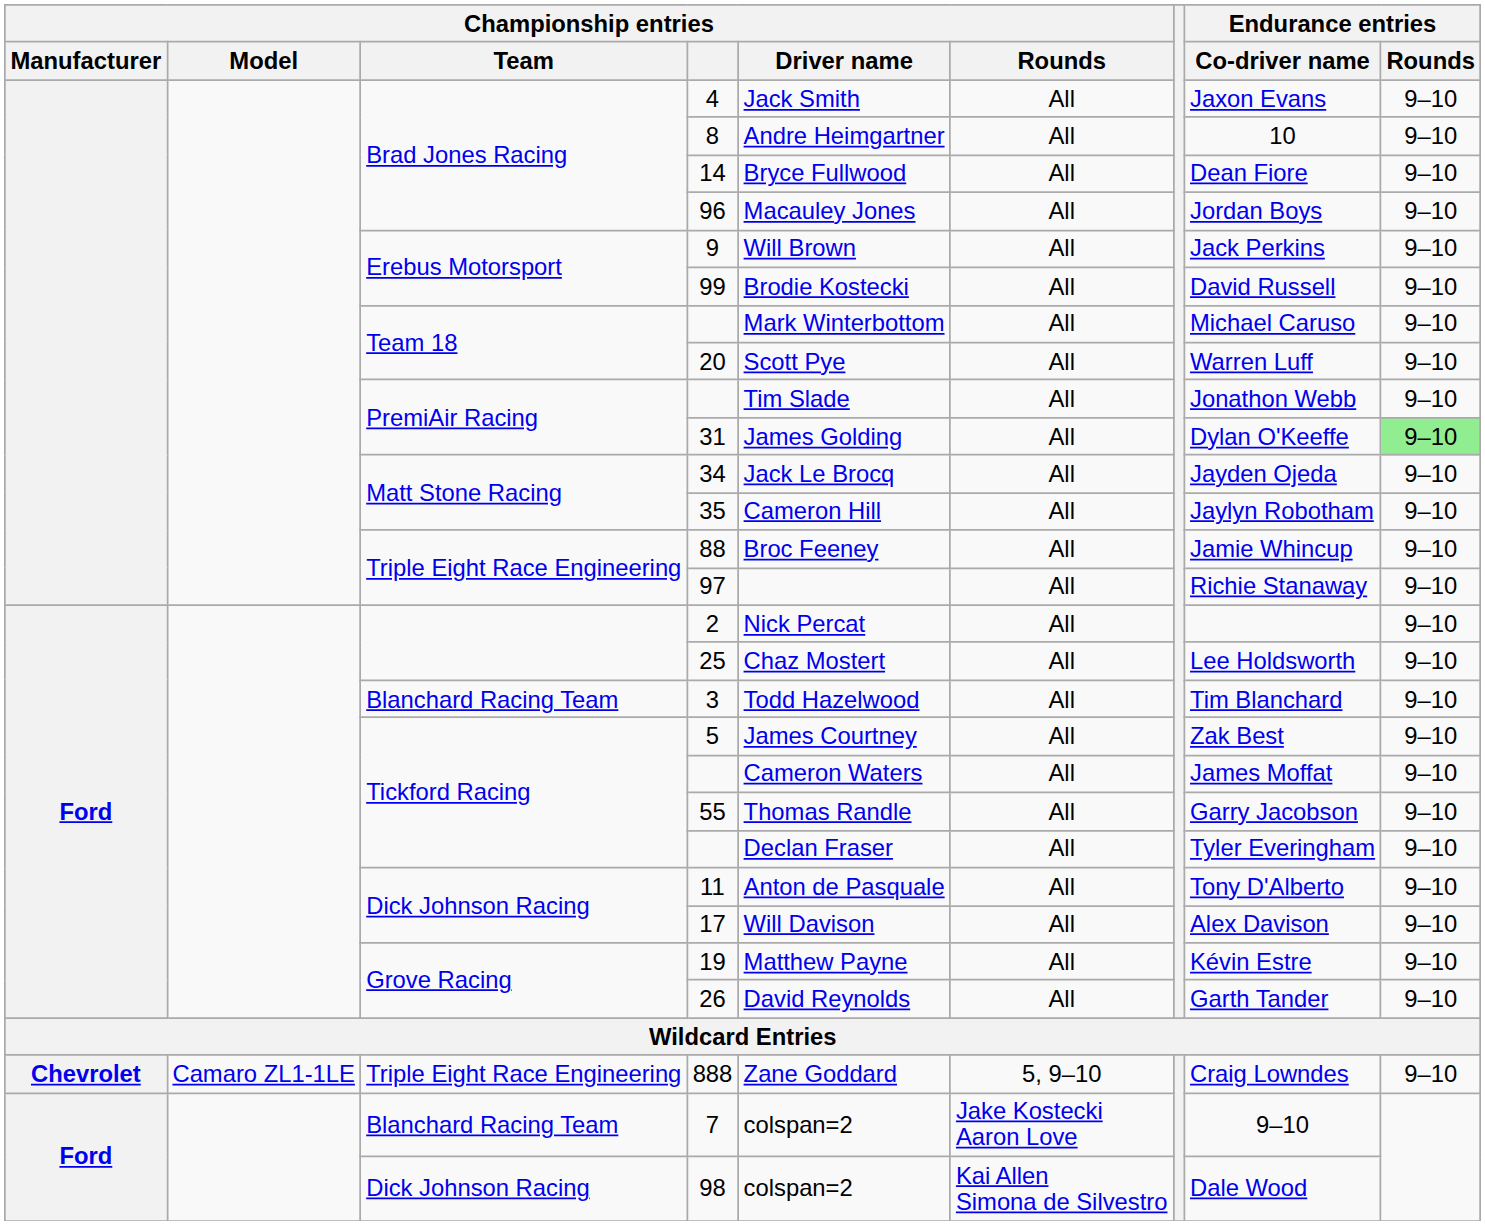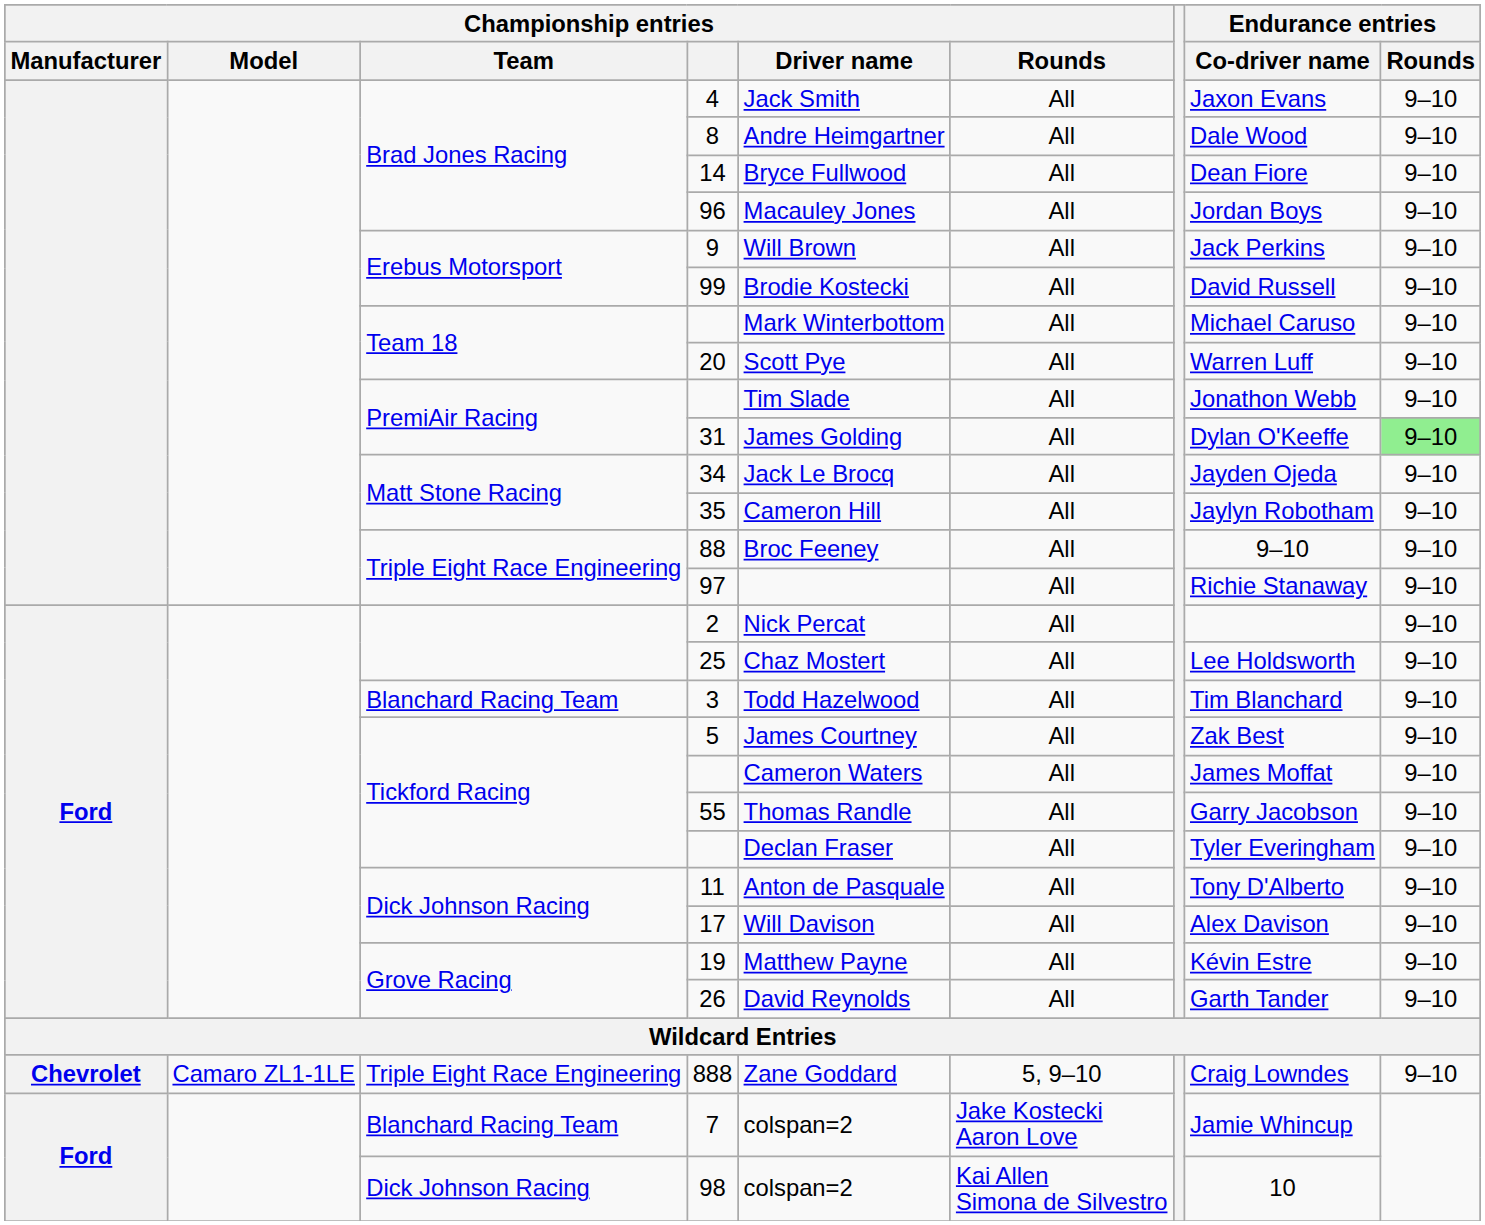 <table class="wikitable" style="font-size:85%;">
 <tr>
 <th colspan="6">Championship entries</th>
 <th rowspan="27"></th>
 <th colspan="2">Endurance entries</th>
 </tr>
 <tr>
 <th>Manufacturer</th>
 <th>Model</th>
 <th>Team</th>
 <th></th>
 <th>Driver name</th>
 <th>Rounds</th>
 <th>Co-driver name</th>
 <th>Rounds</th>
 </tr>
 <tr>
 <th rowspan="14"></th>
 <td rowspan="14"></td>
 <td rowspan="4"><a href='#'>Brad Jones Racing</a></td>
 <td align="center" id="4">4</td>
 <td> <a href='#'>Jack Smith</a></td>
 <td align="center">All</td>
 <td> <a href='#'>Jaxon Evans</a></td>
 <td align="center">9–10</td>
 </tr>
 <tr>
 <td align="center" id="8">8</td>
 <td> <a href='#'>Andre Heimgartner</a></td>
 <td align="center">All</td>
-<td align="center">10</td>
+<td> <a href='#'>Dale Wood</a></td>
 <td align="center">9–10</td>
 </tr>
 <tr>
 <td align="center" id="14">14</td>
 <td> <a href='#'>Bryce Fullwood</a></td>
 <td align="center">All</td>
 <td> <a href='#'>Dean Fiore</a></td>
 <td align="center">9–10</td>
 </tr>
 <tr>
 <td align="center" id="96">96</td>
 <td> <a href='#'>Macauley Jones</a></td>
 <td align="center">All</td>
 <td> <a href='#'>Jordan Boys</a></td>
 <td align="center">9–10</td>
 </tr>
 <tr>
 <td rowspan="2"><a href='#'>Erebus Motorsport</a></td>
 <td align="center" id="9">9</td>
 <td> <a href='#'>Will Brown</a></td>
 <td align="center">All</td>
 <td> <a href='#'>Jack Perkins</a></td>
 <td align="center">9–10</td>
 </tr>
 <tr>
 <td align="center" id="99">99</td>
 <td> <a href='#'>Brodie Kostecki</a></td>
 <td align="center">All</td>
 <td> <a href='#'>David Russell</a></td>
 <td align="center">9–10</td>
 </tr>
 <tr>
 <td rowspan="2"><a href='#'>Team 18</a></td>
 <td align="center" id="18"></td>
 <td> <a href='#'>Mark Winterbottom</a></td>
 <td align="center">All</td>
 <td> <a href='#'>Michael Caruso</a></td>
 <td align="center">9–10</td>
 </tr>
 <tr>
 <td align="center" id="20">20</td>
 <td> <a href='#'>Scott Pye</a></td>
 <td align="center">All</td>
 <td> <a href='#'>Warren Luff</a></td>
 <td align="center">9–10</td>
 </tr>
 <tr>
 <td rowspan="2"><a href='#'>PremiAir Racing</a></td>
 <td align="center" id="23"></td>
 <td> <a href='#'>Tim Slade</a></td>
 <td align="center">All</td>
 <td> <a href='#'>Jonathon Webb</a></td>
 <td align="center">9–10</td>
 </tr>
 <tr>
 <td align="center" id="31">31</td>
 <td> <a href='#'>James Golding</a></td>
 <td align="center">All</td>
 <td> <a href='#'>Dylan O'Keeffe</a></td>
 <td align="center" style="background: lightgreen;">9–10</td>
 </tr>
 <tr>
 <td rowspan="2"><a href='#'>Matt Stone Racing</a></td>
 <td align="center" id="34">34</td>
 <td> <a href='#'>Jack Le Brocq</a></td>
 <td align="center">All</td>
 <td> <a href='#'>Jayden Ojeda</a></td>
 <td align="center">9–10</td>
 </tr>
 <tr>
 <td align="center" id="35">35</td>
 <td> <a href='#'>Cameron Hill</a></td>
 <td align="center">All</td>
 <td> <a href='#'>Jaylyn Robotham</a></td>
 <td align="center">9–10</td>
 </tr>
 <tr>
 <td rowspan="2"><a href='#'>Triple Eight Race Engineering</a></td>
 <td align="center" id="88">88</td>
 <td> <a href='#'>Broc Feeney</a></td>
 <td align="center">All</td>
-<td> <a href='#'>Jamie Whincup</a></td>
+<td align="center">9–10</td>
 <td align="center">9–10</td>
 </tr>
 <tr>
 <td align="center" id="97">97</td>
 <td></td>
 <td align="center">All</td>
 <td> <a href='#'>Richie Stanaway</a></td>
 <td align="center">9–10</td>
 </tr>
 <tr>
 <th rowspan="11"><a href='#'>Ford</a></th>
 <td rowspan="11"></td>
 <td rowspan="2"></td>
 <td align="center" id="2">2</td>
 <td> <a href='#'>Nick Percat</a></td>
 <td align="center">All</td>
 <td></td>
 <td align="center">9–10</td>
 </tr>
 <tr>
 <td align="center" id="25">25</td>
 <td> <a href='#'>Chaz Mostert</a></td>
 <td align="center">All</td>
 <td> <a href='#'>Lee Holdsworth</a></td>
 <td align="center">9–10</td>
 </tr>
 <tr>
 <td><a href='#'>Blanchard Racing Team</a></td>
 <td align="center" id="3">3</td>
 <td> <a href='#'>Todd Hazelwood</a></td>
 <td align="center">All</td>
 <td> <a href='#'>Tim Blanchard</a></td>
 <td align="center">9–10</td>
 </tr>
 <tr>
 <td rowspan="4"><a href='#'>Tickford Racing</a></td>
 <td align="center" id="5">5</td>
 <td> <a href='#'>James Courtney</a></td>
 <td align="center">All</td>
 <td> <a href='#'>Zak Best</a></td>
 <td align="center">9–10</td>
 </tr>
 <tr>
 <td align="center" id="6"></td>
 <td> <a href='#'>Cameron Waters</a></td>
 <td align="center">All</td>
 <td> <a href='#'>James Moffat</a></td>
 <td align="center">9–10</td>
 </tr>
 <tr>
 <td align="center" id="55">55</td>
 <td> <a href='#'>Thomas Randle</a></td>
 <td align="center">All</td>
 <td> <a href='#'>Garry Jacobson</a></td>
 <td align="center">9–10</td>
 </tr>
 <tr>
 <td align="center" id="56"></td>
 <td> <a href='#'>Declan Fraser</a></td>
 <td align="center">All</td>
 <td> <a href='#'>Tyler Everingham</a></td>
 <td align="center">9–10</td>
 </tr>
 <tr>
 <td rowspan="2"><a href='#'>Dick Johnson Racing</a></td>
 <td align="center" id="11">11</td>
 <td> <a href='#'>Anton de Pasquale</a></td>
 <td align="center">All</td>
 <td> <a href='#'>Tony D'Alberto</a></td>
 <td align="center">9–10</td>
 </tr>
 <tr>
 <td align="center" id="17">17</td>
 <td> <a href='#'>Will Davison</a></td>
 <td align="center">All</td>
 <td> <a href='#'>Alex Davison</a></td>
 <td align="center">9–10</td>
 </tr>
 <tr>
 <td rowspan="2"><a href='#'>Grove Racing</a></td>
 <td align="center" id="19">19</td>
 <td> <a href='#'>Matthew Payne</a></td>
 <td align="center">All</td>
 <td> <a href='#'>Kévin Estre</a></td>
 <td align="center">9–10</td>
 </tr>
 <tr>
 <td align="center" id="26">26</td>
 <td> <a href='#'>David Reynolds</a></td>
 <td align="center">All</td>
 <td> <a href='#'>Garth Tander</a></td>
 <td align="center">9–10</td>
 </tr>
 <tr>
 <th colspan="9">Wildcard Entries</th>
 </tr>
 <tr>
 <th><a href='#'>Chevrolet</a></th>
 <td><a href='#'>Camaro ZL1-1LE</a></td>
 <td><a href='#'>Triple Eight Race Engineering</a></td>
 <td align="center" id="888">888</td>
 <td> <a href='#'>Zane Goddard</a></td>
 <td align="center">5, 9–10</td>
 <th rowspan="3"></th>
 <td> <a href='#'>Craig Lowndes</a></td>
 <td align="center">9–10</td>
 </tr>
 <tr>
 <th rowspan="2"><a href='#'>Ford</a></th>
 <td rowspan="2"></td>
 <td><a href='#'>Blanchard Racing Team</a></td>
 <td align="center" id="7">7</td>
 <td>colspan=2 </td>
 <td> <a href='#'>Jake Kostecki</a><br> <a href='#'>Aaron Love</a></td>
-<td align="center">9–10</td>
+<td> <a href='#'>Jamie Whincup</a></td>
 </tr>
 <tr>
 <td><a href='#'>Dick Johnson Racing</a></td>
 <td align="center" id="98">98</td>
 <td>colspan=2 </td>
 <td> <a href='#'>Kai Allen</a><br> <a href='#'>Simona de Silvestro</a></td>
-<td> <a href='#'>Dale Wood</a></td>
+<td align="center">10</td>
 </tr>
 </table>
